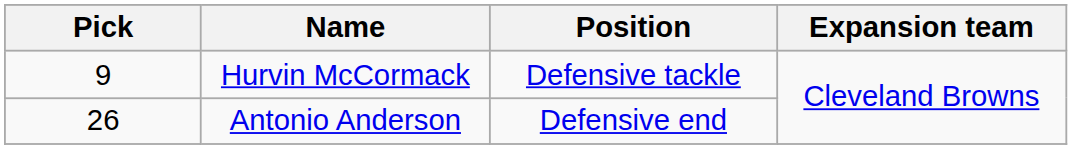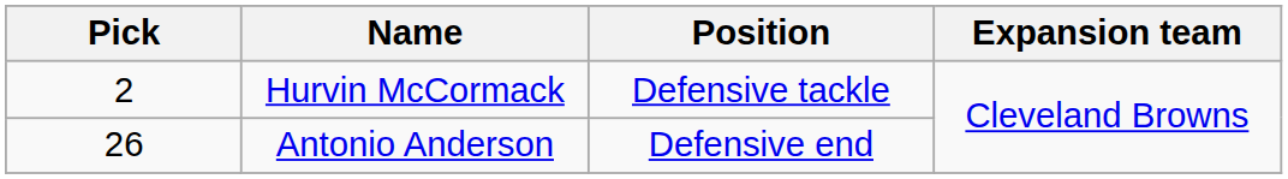 <table class="wikitable" style="text-align:center">
 <tr>
 <th width=100px>Pick</th>
 <th width=150px>Name</th>
 <th width=150px>Position</th>
 <th width=150px>Expansion team</th>
 </tr>
 <tr>
-<td>9</td>
+<td>2</td>
 <td><a href='#'>Hurvin McCormack</a></td>
 <td><a href='#'>Defensive tackle</a></td>
 <td rowspan="2"><a href='#'>Cleveland Browns</a></td>
 </tr>
 <tr>
 <td>26</td>
 <td><a href='#'>Antonio Anderson</a></td>
 <td><a href='#'>Defensive end</a></td>
 </tr>
 </table>
